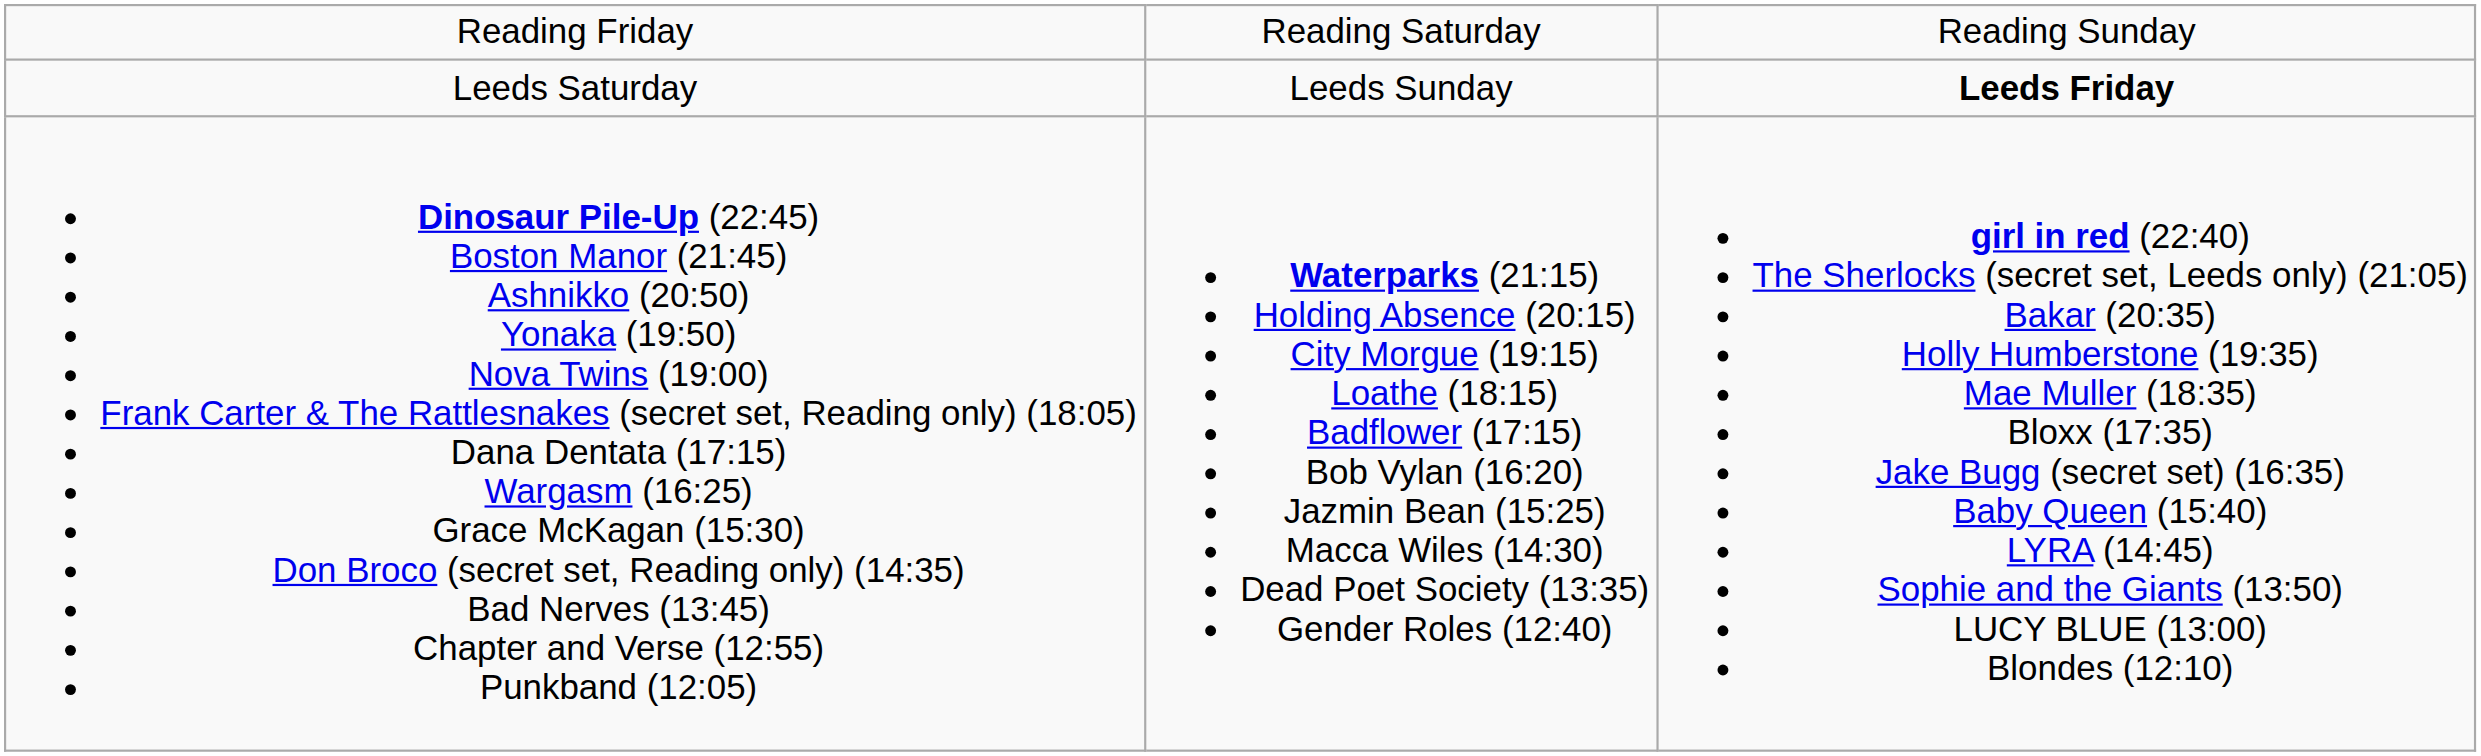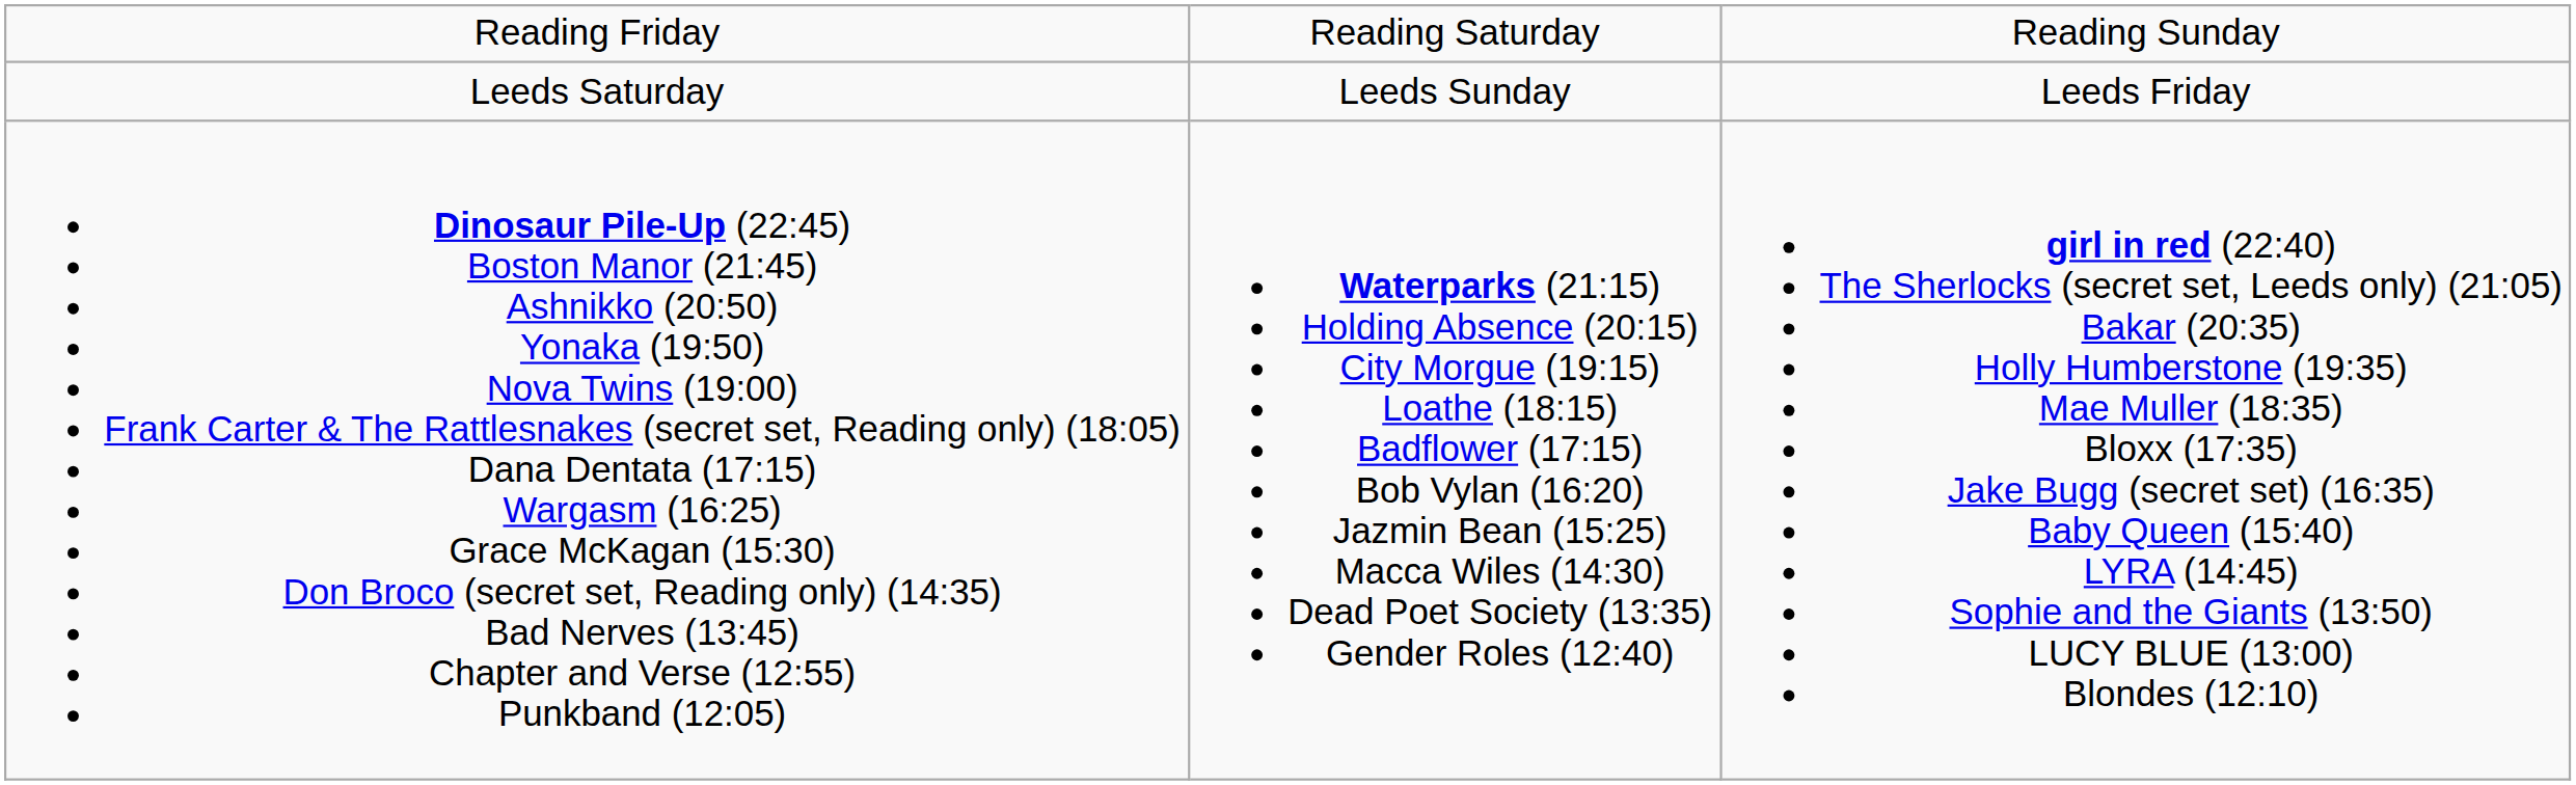 <table class="wikitable" style="text-align:center;">
 <tr>
 <td>Reading Friday</td>
 <td>Reading Saturday</td>
 <td>Reading Sunday</td>
 </tr>
 <tr>
 <td>Leeds Saturday</td>
 <td>Leeds Sunday</td>
-<td><strong>Leeds Friday</strong></td>
+<td>Leeds Friday</td>
 </tr>
 <tr>
 <td><br><ul><li><strong><a href='#'>Dinosaur Pile-Up</a></strong> (22:45)</li><li><a href='#'>Boston Manor</a> (21:45)</li><li><a href='#'>Ashnikko</a> (20:50)</li><li><a href='#'>Yonaka</a> (19:50)</li><li><a href='#'>Nova Twins</a> (19:00)</li><li><a href='#'>Frank Carter & The Rattlesnakes</a> (secret set, Reading only) (18:05)</li><li>Dana Dentata (17:15)</li><li><a href='#'>Wargasm</a> (16:25)</li><li>Grace McKagan (15:30)</li><li><a href='#'>Don Broco</a> (secret set, Reading only) (14:35)</li><li>Bad Nerves (13:45)</li><li>Chapter and Verse (12:55)</li><li>Punkband (12:05)</li></ul></td>
 <td><br><ul><li><strong><a href='#'>Waterparks</a></strong> (21:15)</li><li><a href='#'>Holding Absence</a> (20:15)</li><li><a href='#'>City Morgue</a> (19:15)</li><li><a href='#'>Loathe</a> (18:15)</li><li><a href='#'>Badflower</a> (17:15)</li><li>Bob Vylan (16:20)</li><li>Jazmin Bean (15:25)</li><li>Macca Wiles (14:30)</li><li>Dead Poet Society (13:35)</li><li>Gender Roles (12:40)</li></ul></td>
 <td><br><ul><li><strong><a href='#'>girl in red</a></strong> (22:40)</li><li><a href='#'>The Sherlocks</a> (secret set, Leeds only) (21:05)</li><li><a href='#'>Bakar</a> (20:35)</li><li><a href='#'>Holly Humberstone</a> (19:35)</li><li><a href='#'>Mae Muller</a> (18:35)</li><li>Bloxx (17:35)</li><li><a href='#'>Jake Bugg</a> (secret set) (16:35)</li><li><a href='#'>Baby Queen</a> (15:40)</li><li><a href='#'>LYRA</a> (14:45)</li><li><a href='#'>Sophie and the Giants</a> (13:50)</li><li>LUCY BLUE (13:00)</li><li>Blondes (12:10)</li></ul></td>
 </tr>
 </table>
